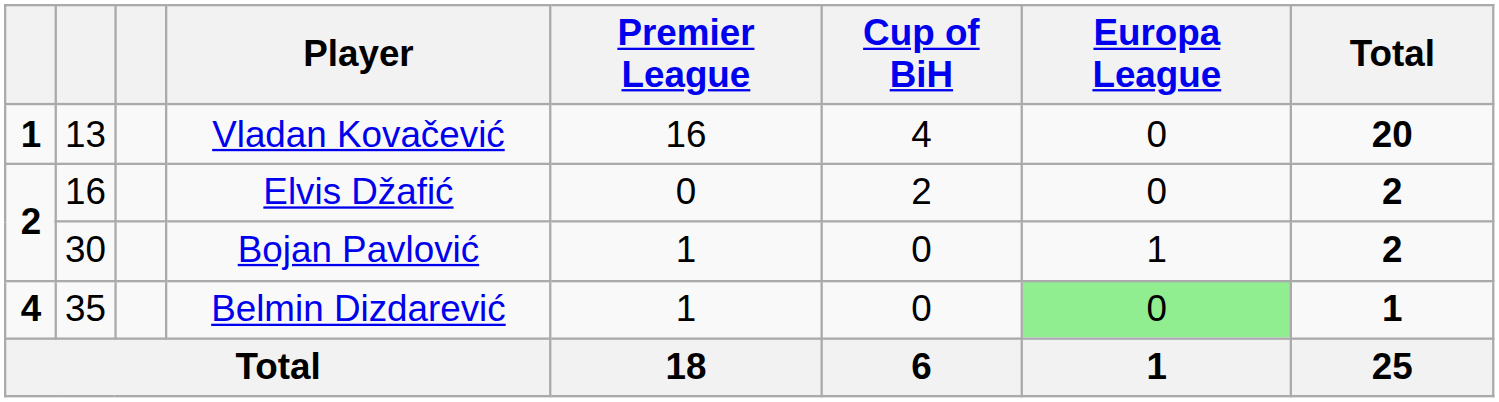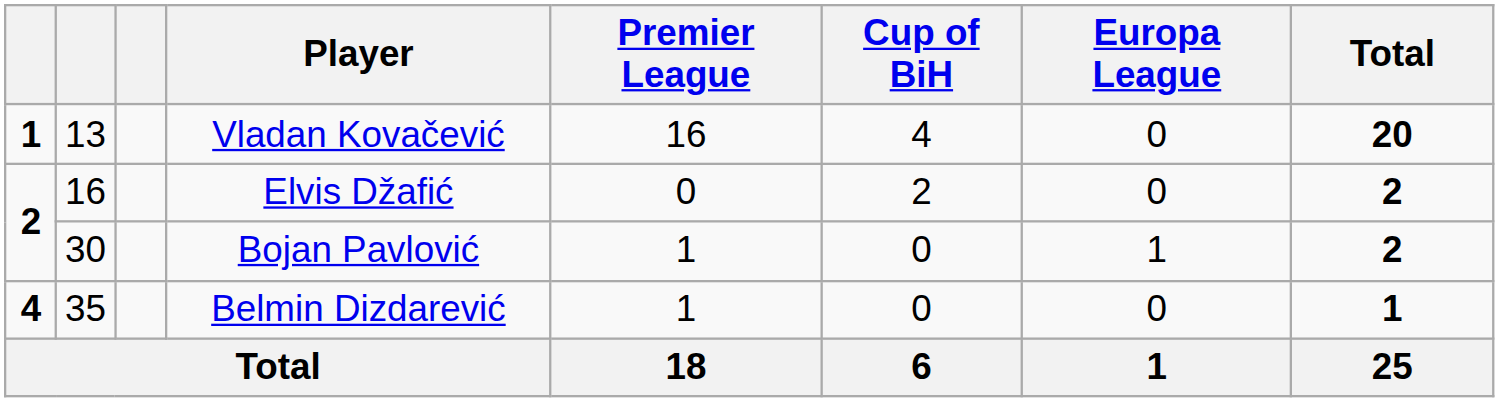 <table class="wikitable" style="text-align:center;">
 <tr>
 <th width=15></th>
 <th width=15></th>
 <th width=15></th>
 <th width=160>Player</th>
 <th width=110><a href='#'>Premier League</a></th>
 <th width=80><a href='#'>Cup of BiH</a></th>
 <th width=110><a href='#'>Europa League</a></th>
 <th width=80>Total</th>
 </tr>
 <tr>
 <td><strong>1</strong></td>
 <td>13</td>
 <td></td>
 <td><a href='#'>Vladan Kovačević</a></td>
 <td>16</td>
 <td>4</td>
 <td>0</td>
 <td><strong>20</strong></td>
 </tr>
 <tr>
 <td rowspan=2><strong>2</strong></td>
 <td>16</td>
 <td></td>
 <td><a href='#'>Elvis Džafić</a></td>
 <td>0</td>
 <td>2</td>
 <td>0</td>
 <td><strong>2</strong></td>
 </tr>
 <tr>
 <td>30</td>
 <td></td>
 <td><a href='#'>Bojan Pavlović</a></td>
 <td>1</td>
 <td>0</td>
 <td>1</td>
 <td><strong>2</strong></td>
 </tr>
 <tr>
 <td><strong>4</strong></td>
 <td>35</td>
 <td></td>
 <td><a href='#'>Belmin Dizdarević</a></td>
 <td>1</td>
 <td>0</td>
-<td style="background: lightgreen;">0</td>
+<td>0</td>
 <td><strong>1</strong></td>
 </tr>
 <tr>
 <th colspan=4>Total</th>
 <th>18</th>
 <th>6</th>
 <th>1</th>
 <th>25</th>
 </tr>
 </table>
